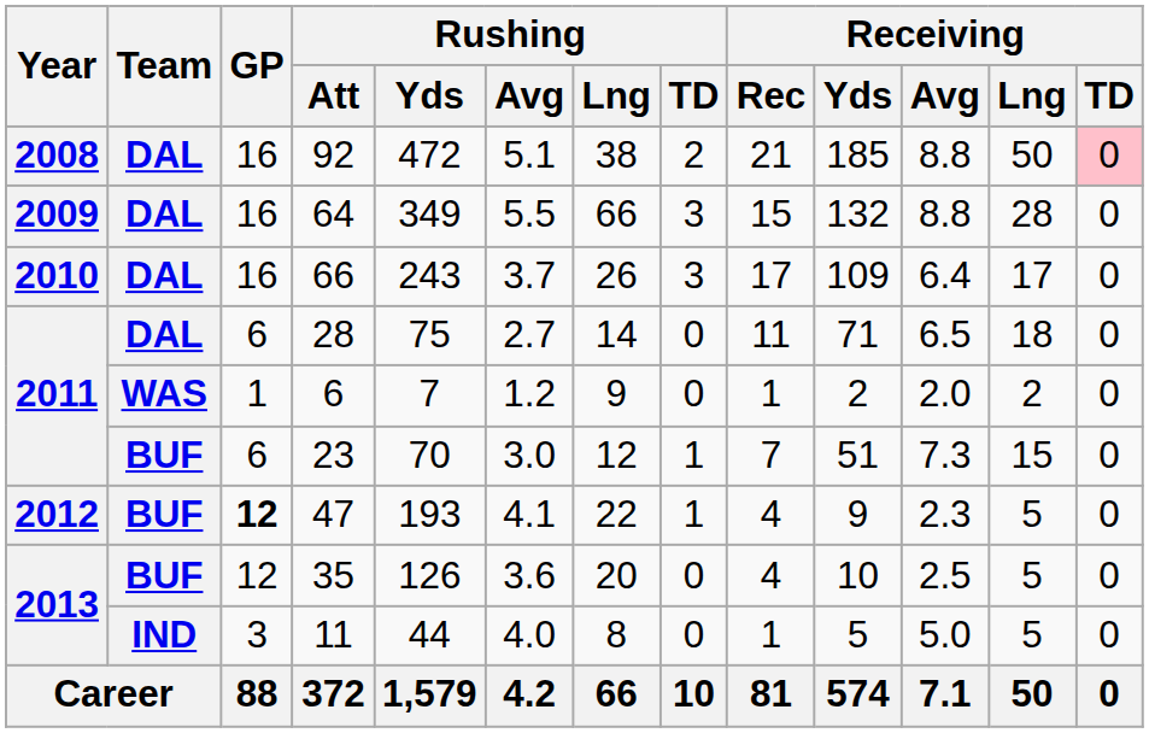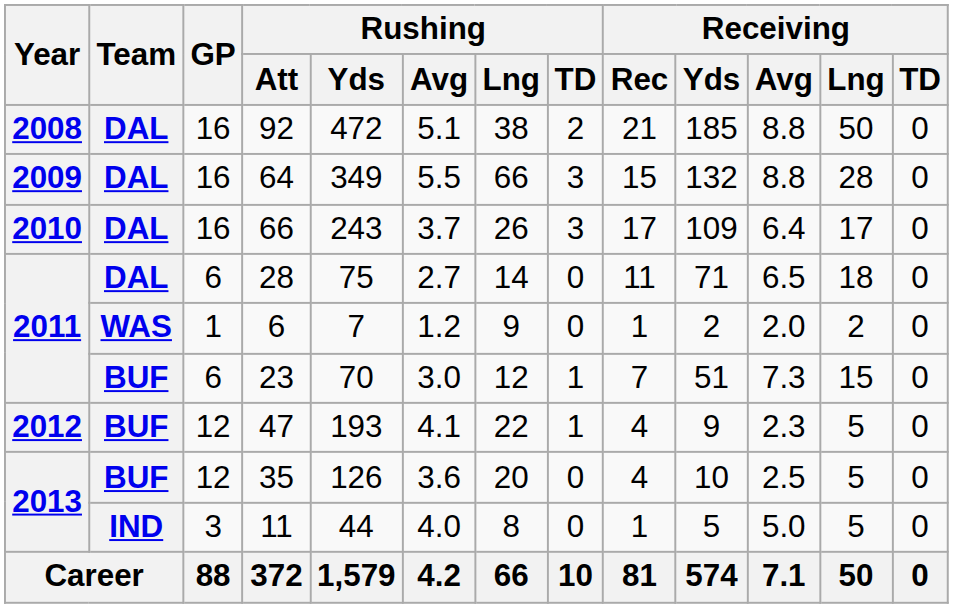 <table class="wikitable" style="text-align:center;">
 <tr>
 <th rowspan="2">Year</th>
 <th rowspan="2">Team</th>
 <th rowspan="2">GP</th>
 <th colspan="5">Rushing</th>
 <th colspan="5">Receiving</th>
 </tr>
 <tr>
 <th>Att</th>
 <th>Yds</th>
 <th>Avg</th>
 <th>Lng</th>
 <th>TD</th>
 <th>Rec</th>
 <th>Yds</th>
 <th>Avg</th>
 <th>Lng</th>
 <th>TD</th>
 </tr>
 <tr>
 <th><a href='#'>2008</a></th>
 <th><a href='#'>DAL</a></th>
 <td>16</td>
 <td>92</td>
 <td>472</td>
 <td>5.1</td>
 <td>38</td>
 <td>2</td>
 <td>21</td>
 <td>185</td>
 <td>8.8</td>
 <td>50</td>
-<td style="background: pink;">0</td>
+<td>0</td>
 </tr>
 <tr>
 <th><a href='#'>2009</a></th>
 <th><a href='#'>DAL</a></th>
 <td>16</td>
 <td>64</td>
 <td>349</td>
 <td>5.5</td>
 <td>66</td>
 <td>3</td>
 <td>15</td>
 <td>132</td>
 <td>8.8</td>
 <td>28</td>
 <td>0</td>
 </tr>
 <tr>
 <th><a href='#'>2010</a></th>
 <th><a href='#'>DAL</a></th>
 <td>16</td>
 <td>66</td>
 <td>243</td>
 <td>3.7</td>
 <td>26</td>
 <td>3</td>
 <td>17</td>
 <td>109</td>
 <td>6.4</td>
 <td>17</td>
 <td>0</td>
 </tr>
 <tr>
 <th rowspan="3"><a href='#'>2011</a></th>
 <th><a href='#'>DAL</a></th>
 <td>6</td>
 <td>28</td>
 <td>75</td>
 <td>2.7</td>
 <td>14</td>
 <td>0</td>
 <td>11</td>
 <td>71</td>
 <td>6.5</td>
 <td>18</td>
 <td>0</td>
 </tr>
 <tr>
 <th><a href='#'>WAS</a></th>
 <td>1</td>
 <td>6</td>
 <td>7</td>
 <td>1.2</td>
 <td>9</td>
 <td>0</td>
 <td>1</td>
 <td>2</td>
 <td>2.0</td>
 <td>2</td>
 <td>0</td>
 </tr>
 <tr>
 <th><a href='#'>BUF</a></th>
 <td>6</td>
 <td>23</td>
 <td>70</td>
 <td>3.0</td>
 <td>12</td>
 <td>1</td>
 <td>7</td>
 <td>51</td>
 <td>7.3</td>
 <td>15</td>
 <td>0</td>
 </tr>
 <tr>
 <th><a href='#'>2012</a></th>
 <th><a href='#'>BUF</a></th>
-<td><strong>12</strong></td>
+<td>12</td>
 <td>47</td>
 <td>193</td>
 <td>4.1</td>
 <td>22</td>
 <td>1</td>
 <td>4</td>
 <td>9</td>
 <td>2.3</td>
 <td>5</td>
 <td>0</td>
 </tr>
 <tr>
 <th rowspan="2"><a href='#'>2013</a></th>
 <th><a href='#'>BUF</a></th>
 <td>12</td>
 <td>35</td>
 <td>126</td>
 <td>3.6</td>
 <td>20</td>
 <td>0</td>
 <td>4</td>
 <td>10</td>
 <td>2.5</td>
 <td>5</td>
 <td>0</td>
 </tr>
 <tr>
 <th><a href='#'>IND</a></th>
 <td>3</td>
 <td>11</td>
 <td>44</td>
 <td>4.0</td>
 <td>8</td>
 <td>0</td>
 <td>1</td>
 <td>5</td>
 <td>5.0</td>
 <td>5</td>
 <td>0</td>
 </tr>
 <tr>
 <th colspan="2">Career</th>
 <th>88</th>
 <th>372</th>
 <th>1,579</th>
 <th>4.2</th>
 <th>66</th>
 <th>10</th>
 <th>81</th>
 <th>574</th>
 <th>7.1</th>
 <th>50</th>
 <th>0</th>
 </tr>
 </table>
